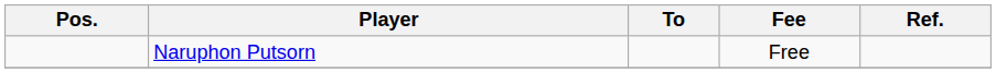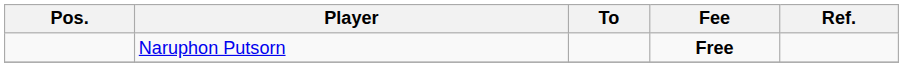 <table class="wikitable" style="text-align:center; font-size:100%; width:50%">
 <tr>
 <th>Pos.</th>
 <th>Player</th>
 <th>To</th>
 <th>Fee</th>
 <th>Ref.</th>
 </tr>
 <tr>
 <td></td>
 <td align=left> <a href='#'>Naruphon Putsorn</a></td>
 <td></td>
-<td>Free</td>
+<td><strong>Free</strong></td>
 <td></td>
 </tr>
 <tr>
 </tr>
 </table>
